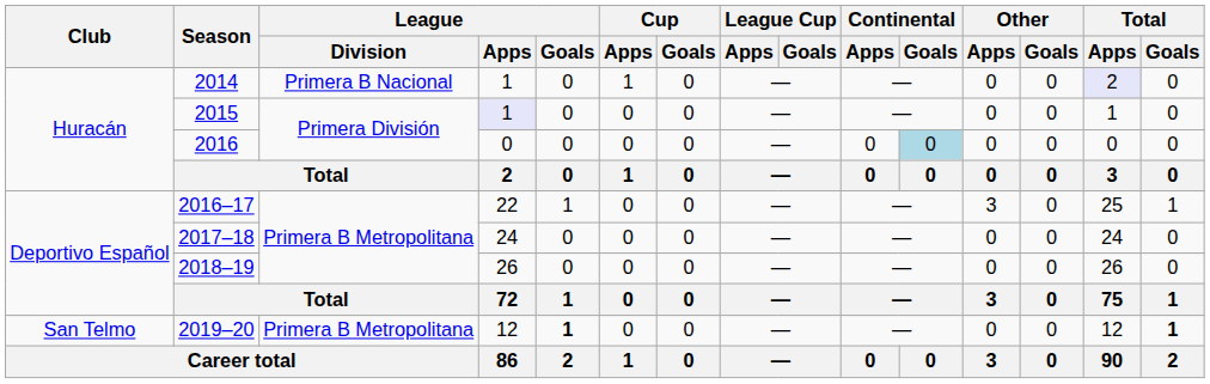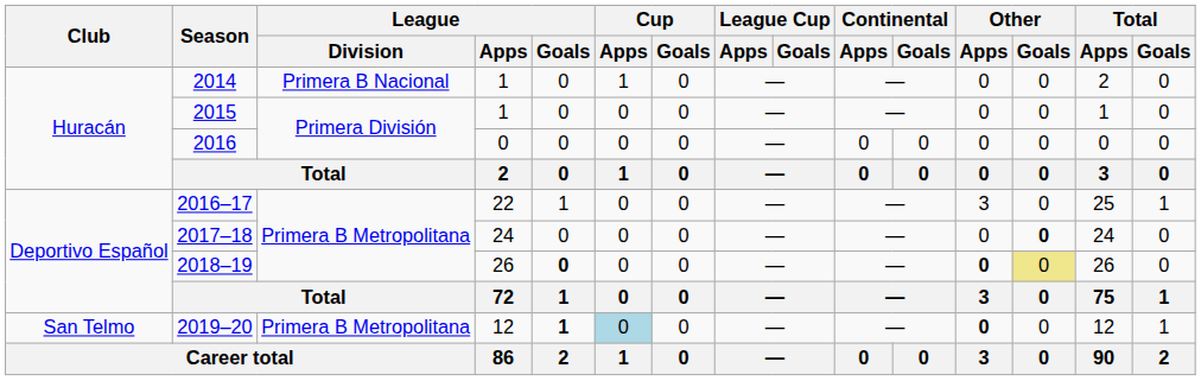 <table class="wikitable" style="text-align:center">
 <tr>
 <th rowspan="2">Club</th>
 <th rowspan="2">Season</th>
 <th colspan="3">League</th>
 <th colspan="2">Cup</th>
 <th colspan="2">League Cup</th>
 <th colspan="2">Continental</th>
 <th colspan="2">Other</th>
 <th colspan="2">Total</th>
 </tr>
 <tr>
 <th>Division</th>
 <th>Apps</th>
 <th>Goals</th>
 <th>Apps</th>
 <th>Goals</th>
 <th>Apps</th>
 <th>Goals</th>
 <th>Apps</th>
 <th>Goals</th>
 <th>Apps</th>
 <th>Goals</th>
 <th>Apps</th>
 <th>Goals</th>
 </tr>
 <tr>
 <td rowspan="4"><a href='#'>Huracán</a></td>
 <td><a href='#'>2014</a></td>
 <td rowspan="1"><a href='#'>Primera B Nacional</a></td>
 <td>1</td>
 <td>0</td>
 <td>1</td>
 <td>0</td>
 <td colspan="2">—</td>
 <td colspan="2">—</td>
 <td>0</td>
 <td>0</td>
-<td style="background: lavender;">2</td>
+<td>2</td>
 <td>0</td>
 </tr>
 <tr>
 <td><a href='#'>2015</a></td>
 <td rowspan="2"><a href='#'>Primera División</a></td>
-<td style="background: lavender;">1</td>
+<td>1</td>
 <td>0</td>
 <td>0</td>
 <td>0</td>
 <td colspan="2">—</td>
 <td colspan="2">—</td>
 <td>0</td>
 <td>0</td>
 <td>1</td>
 <td>0</td>
 </tr>
 <tr>
 <td><a href='#'>2016</a></td>
 <td>0</td>
 <td>0</td>
 <td>0</td>
 <td>0</td>
 <td colspan="2">—</td>
 <td>0</td>
-<td style="background: lightblue;">0</td>
+<td>0</td>
 <td>0</td>
 <td>0</td>
 <td>0</td>
 <td>0</td>
 </tr>
 <tr>
 <th colspan="2">Total</th>
 <th>2</th>
 <th>0</th>
 <th>1</th>
 <th>0</th>
 <th colspan="2">—</th>
 <th>0</th>
 <th>0</th>
 <th>0</th>
 <th>0</th>
 <th>3</th>
 <th>0</th>
 </tr>
 <tr>
 <td rowspan="4"><a href='#'>Deportivo Español</a></td>
 <td><a href='#'>2016–17</a></td>
 <td rowspan="3"><a href='#'>Primera B Metropolitana</a></td>
 <td>22</td>
 <td>1</td>
 <td>0</td>
 <td>0</td>
 <td colspan="2">—</td>
 <td colspan="2">—</td>
 <td>3</td>
 <td>0</td>
 <td>25</td>
 <td>1</td>
 </tr>
 <tr>
 <td><a href='#'>2017–18</a></td>
 <td>24</td>
 <td>0</td>
 <td>0</td>
 <td>0</td>
 <td colspan="2">—</td>
 <td colspan="2">—</td>
 <td>0</td>
-<td>0</td>
+<td><strong>0</strong></td>
 <td>24</td>
 <td>0</td>
 </tr>
 <tr>
 <td><a href='#'>2018–19</a></td>
 <td>26</td>
-<td>0</td>
+<td><strong>0</strong></td>
 <td>0</td>
 <td>0</td>
 <td colspan="2">—</td>
 <td colspan="2">—</td>
-<td>0</td>
-<td>0</td>
+<td><strong>0</strong></td>
+<td style="background: khaki;">0</td>
 <td>26</td>
 <td>0</td>
 </tr>
 <tr>
 <th colspan="2">Total</th>
 <th>72</th>
 <th>1</th>
 <th>0</th>
 <th>0</th>
 <th colspan="2">—</th>
 <th colspan="2">—</th>
 <th>3</th>
 <th>0</th>
 <th>75</th>
 <th>1</th>
 </tr>
 <tr>
 <td rowspan="1"><a href='#'>San Telmo</a></td>
 <td><a href='#'>2019–20</a></td>
 <td rowspan="1"><a href='#'>Primera B Metropolitana</a></td>
 <td>12</td>
 <td><strong>1</strong></td>
-<td>0</td>
+<td style="background: lightblue;">0</td>
 <td>0</td>
 <td colspan="2">—</td>
 <td colspan="2">—</td>
-<td>0</td>
+<td><strong>0</strong></td>
 <td>0</td>
 <td>12</td>
-<td><strong>1</strong></td>
+<td>1</td>
 </tr>
 <tr>
 <th colspan="3">Career total</th>
 <th>86</th>
 <th>2</th>
 <th>1</th>
 <th>0</th>
 <th colspan="2">—</th>
 <th>0</th>
 <th>0</th>
 <th>3</th>
 <th>0</th>
 <th>90</th>
 <th>2</th>
 </tr>
 </table>
